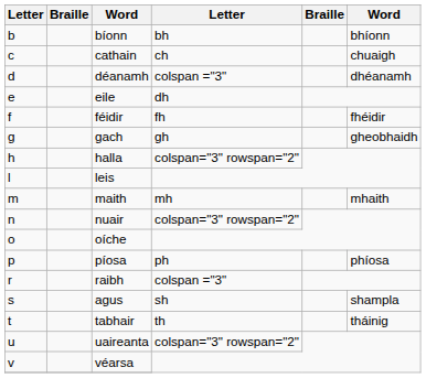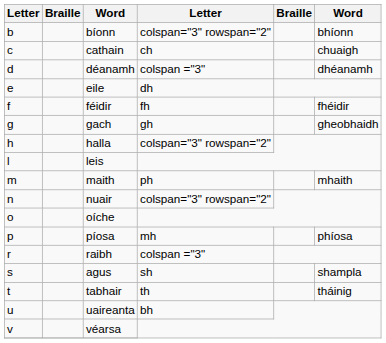 <table class="wikitable">
 <tr align=center>
 <th>Letter</th>
 <th>Braille</th>
 <th>Word</th>
 <th>Letter</th>
 <th>Braille</th>
 <th>Word</th>
 </tr>
 <tr>
 <td>b</td>
 <td></td>
 <td>bíonn</td>
-<td>bh</td>
+<td>colspan="3" rowspan="2" </td>
 <td></td>
 <td>bhíonn</td>
 </tr>
 <tr>
 <td>c</td>
 <td></td>
 <td>cathain</td>
 <td>ch</td>
 <td></td>
 <td>chuaigh</td>
 </tr>
 <tr>
 <td>d</td>
 <td></td>
 <td>déanamh</td>
 <td>colspan ="3" </td>
 <td></td>
 <td>dhéanamh</td>
 </tr>
 <tr>
 <td>e</td>
 <td></td>
 <td>eile</td>
 <td>dh</td>
 </tr>
 <tr>
 <td>f</td>
 <td></td>
 <td>féidir</td>
 <td>fh</td>
 <td></td>
 <td>fhéidir</td>
 </tr>
 <tr>
 <td>g</td>
 <td></td>
 <td>gach</td>
 <td>gh</td>
 <td></td>
 <td>gheobhaidh</td>
 </tr>
 <tr>
 <td>h</td>
 <td></td>
 <td>halla</td>
 <td>colspan="3" rowspan="2" </td>
 </tr>
 <tr>
 <td>l</td>
 <td></td>
 <td>leis</td>
 </tr>
 <tr>
 <td>m</td>
 <td></td>
 <td>maith</td>
-<td>mh</td>
+<td>ph</td>
 <td></td>
 <td>mhaith</td>
 </tr>
 <tr>
 <td>n</td>
 <td></td>
 <td>nuair</td>
 <td>colspan="3" rowspan="2" </td>
 </tr>
 <tr>
 <td>o</td>
 <td></td>
 <td>oíche</td>
 </tr>
 <tr>
 <td>p</td>
 <td></td>
 <td>píosa</td>
-<td>ph</td>
+<td>mh</td>
 <td></td>
 <td>phíosa</td>
 </tr>
 <tr>
 <td>r</td>
 <td></td>
 <td>raibh</td>
 <td>colspan ="3" </td>
 </tr>
 <tr>
 <td>s</td>
 <td></td>
 <td>agus</td>
 <td>sh</td>
 <td></td>
 <td>shampla</td>
 </tr>
 <tr>
 <td>t</td>
 <td></td>
 <td>tabhair</td>
 <td>th</td>
 <td></td>
 <td>tháinig</td>
 </tr>
 <tr>
 <td>u</td>
 <td></td>
 <td>uaireanta</td>
-<td>colspan="3" rowspan="2" </td>
+<td>bh</td>
 </tr>
 <tr>
 <td>v</td>
 <td></td>
 <td>véarsa</td>
 </tr>
 <tr>
 </tr>
 </table>
